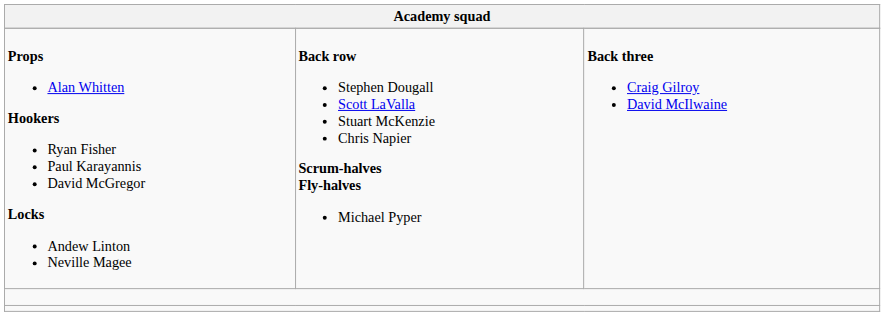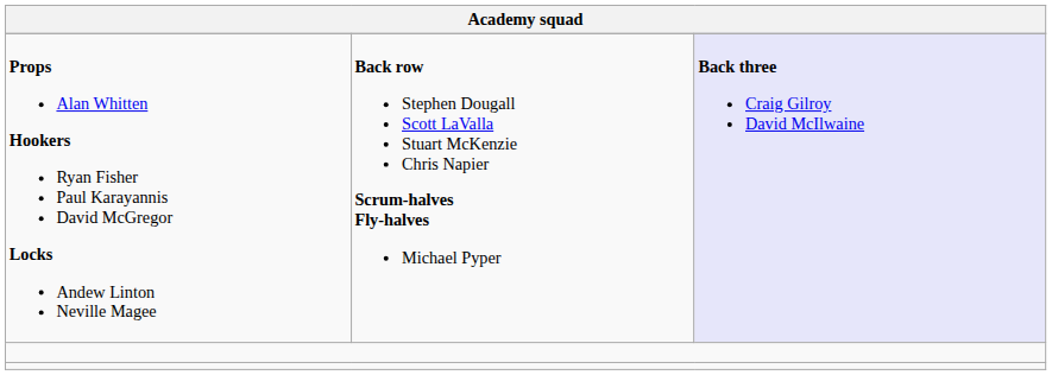 <table class="wikitable" style="text-align:left; font-size:90%; width:70%">
 <tr>
 <th colspan="100%">Academy squad</th>
 </tr>
 <tr>
 </tr>
 <tr valign="top">
 <td><br><strong>Props</strong><ul><li> <a href='#'>Alan Whitten</a></li></ul><strong>Hookers</strong><ul><li> Ryan Fisher</li><li> Paul Karayannis</li><li> David McGregor</li></ul><strong>Locks</strong><ul><li> Andew Linton</li><li> Neville Magee</li></ul></td>
 <td><br><strong>Back row</strong><ul><li> Stephen Dougall</li><li> <a href='#'>Scott LaValla</a></li><li> Stuart McKenzie</li><li> Chris Napier</li></ul><strong>Scrum-halves</strong><br><strong>Fly-halves</strong><ul><li> Michael Pyper</li></ul></td>
-<td><br><strong>Back three</strong><ul><li> <a href='#'>Craig Gilroy</a></li><li> <a href='#'>David McIlwaine</a></li></ul></td>
+<td style="background: lavender;"><br><strong>Back three</strong><ul><li> <a href='#'>Craig Gilroy</a></li><li> <a href='#'>David McIlwaine</a></li></ul></td>
 </tr>
 <tr>
 <td colspan="100%" style="height: 10px;"></td>
 </tr>
 <tr>
 <td colspan="100%" style="text-align:center;"></td>
 </tr>
 </table>
